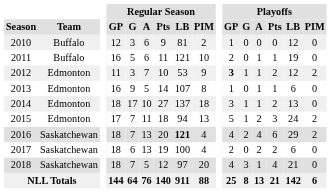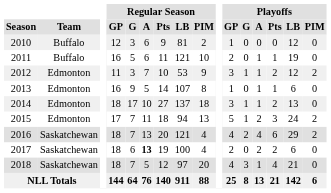 <table BORDER="0" CELLPADDING="3" CELLSPACING="0">
 <tr ALIGN="center" bgcolor="#e0e0e0">
 <th colspan="2" bgcolor="#ffffff"> </th>
 <th rowspan="99" bgcolor="#ffffff"> </th>
 <th colspan="6">Regular Season</th>
 <th rowspan="99" bgcolor="#ffffff"> </th>
 <th colspan="6">Playoffs</th>
 </tr>
 <tr ALIGN="center" bgcolor="#e0e0e0">
 <th>Season</th>
 <th>Team</th>
 <th>GP</th>
 <th>G</th>
 <th>A</th>
 <th>Pts</th>
 <th>LB</th>
 <th>PIM</th>
 <th>GP</th>
 <th>G</th>
 <th>A</th>
 <th>Pts</th>
 <th>LB</th>
 <th>PIM</th>
 </tr>
 <tr ALIGN="center" bgcolor="#f0f0f0">
 <td>2010</td>
 <td>Buffalo</td>
 <td>12</td>
 <td>3</td>
 <td>6</td>
 <td>9</td>
 <td>81</td>
 <td>2</td>
 <td>1</td>
 <td>0</td>
 <td>0</td>
 <td>0</td>
 <td>12</td>
 <td>0</td>
 </tr>
 <tr ALIGN="center">
 <td>2011</td>
 <td>Buffalo</td>
 <td>16</td>
 <td>5</td>
 <td>6</td>
 <td>11</td>
 <td>121</td>
 <td>10</td>
 <td>2</td>
 <td>0</td>
 <td>1</td>
 <td>1</td>
 <td>19</td>
 <td>0</td>
 </tr>
 <tr ALIGN="center" bgcolor="#f0f0f0">
 <td>2012</td>
 <td>Edmonton</td>
 <td>11</td>
 <td>3</td>
 <td>7</td>
 <td>10</td>
 <td>53</td>
 <td>9</td>
-<td><strong>3</strong></td>
+<td>3</td>
 <td>1</td>
 <td>1</td>
 <td>2</td>
 <td>12</td>
 <td>2</td>
 </tr>
 <tr ALIGN="center">
 <td>2013</td>
 <td>Edmonton</td>
 <td>16</td>
 <td>9</td>
 <td>5</td>
 <td>14</td>
 <td>107</td>
 <td>8</td>
 <td>1</td>
 <td>0</td>
 <td>1</td>
 <td>1</td>
 <td>6</td>
 <td>0</td>
 </tr>
 <tr ALIGN="center" bgcolor="#f0f0f0">
 <td>2014</td>
 <td>Edmonton</td>
 <td>18</td>
 <td>17</td>
 <td>10</td>
 <td>27</td>
 <td>137</td>
 <td>18</td>
 <td>3</td>
 <td>1</td>
 <td>1</td>
 <td>2</td>
 <td>13</td>
 <td>0</td>
 </tr>
 <tr ALIGN="center">
 <td>2015</td>
 <td>Edmonton</td>
 <td>17</td>
 <td>7</td>
 <td>11</td>
 <td>18</td>
 <td>94</td>
 <td>13</td>
 <td>5</td>
 <td>1</td>
 <td>2</td>
 <td>3</td>
 <td>24</td>
 <td>2</td>
 </tr>
 <tr ALIGN="center" bgcolor="#e0e0e0">
 <td>2016</td>
 <td>Saskatchewan</td>
 <td>18</td>
 <td>7</td>
 <td>13</td>
 <td>20</td>
-<td><strong>121</strong></td>
+<td>121</td>
 <td>4</td>
 <td>4</td>
 <td>2</td>
 <td>4</td>
 <td>6</td>
 <td>29</td>
 <td>2</td>
 </tr>
 <tr ALIGN="center">
 <td>2017</td>
 <td>Saskatchewan</td>
 <td>18</td>
 <td>6</td>
-<td>13</td>
+<td><strong>13</strong></td>
 <td>19</td>
 <td>100</td>
 <td>4</td>
 <td>2</td>
 <td>0</td>
 <td>2</td>
 <td>2</td>
 <td>6</td>
 <td>0</td>
 </tr>
 <tr ALIGN="center" bgcolor="#e0e0e0">
 <td>2018</td>
 <td>Saskatchewan</td>
 <td>18</td>
 <td>7</td>
 <td>5</td>
 <td>12</td>
 <td>97</td>
 <td>20</td>
 <td>4</td>
 <td>3</td>
 <td>1</td>
 <td>4</td>
 <td>21</td>
 <td>0</td>
 </tr>
 <tr ALIGN="center" bgcolor="#f0f0f0">
 <th colspan="2">NLL Totals</th>
 <th>144</th>
 <th>64</th>
 <th>76</th>
 <th>140</th>
 <th>911</th>
 <th>88</th>
 <th>25</th>
 <th>8</th>
 <th>13</th>
 <th>21</th>
 <th>142</th>
 <th>6</th>
 </tr>
 </table>
